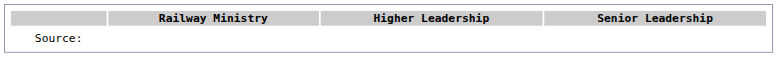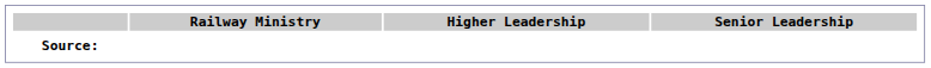 <table style="width:100%; border:1px solid #8888aa; background:#fff; padding:5px; font-size:100%; margin:0 12px 12px 0; text-align:center;">
 <tr style="background:#ccc;">
 <th></th>
 <th colspan="3">Railway Ministry</th>
 <th colspan="4">Higher Leadership</th>
 <th colspan="4">Senior Leadership</th>
 </tr>
 <tr style="text-align:center;">
 <td></td>
 <td></td>
 <td></td>
 <td></td>
 <td></td>
 <td></td>
 <td></td>
 <td></td>
 <td></td>
 <td></td>
 <td></td>
 <td></td>
 </tr>
 <tr>
-<td>Source:</td>
+<td><strong>Source:</strong></td>
 </tr>
 </table>
